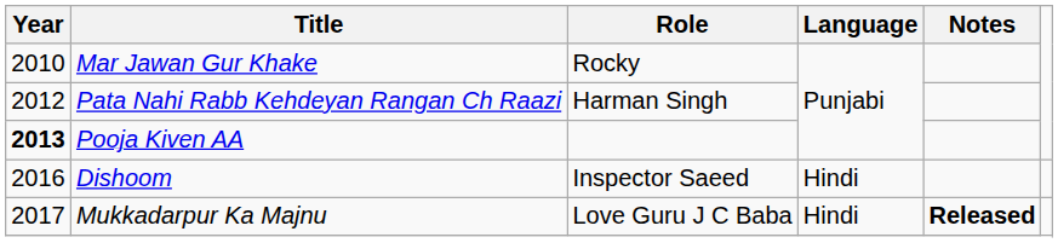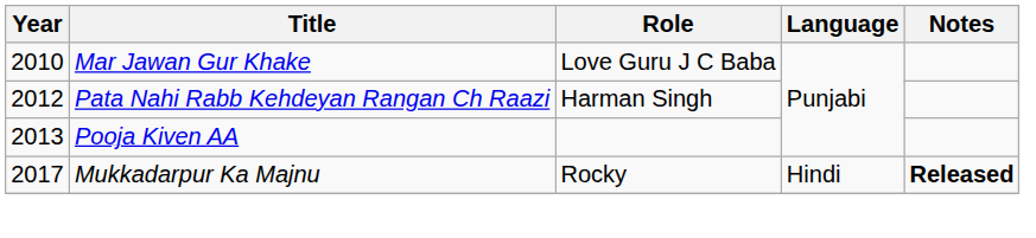 <table class="wikitable sortable">
 <tr>
 <th>Year</th>
 <th>Title</th>
 <th>Role</th>
 <th>Language</th>
 <th>Notes</th>
 </tr>
 <tr>
 <td>2010</td>
 <td><em><a href='#'>Mar Jawan Gur Khake</a></em></td>
-<td>Rocky</td>
+<td>Love Guru J C Baba</td>
 <td rowspan="3">Punjabi</td>
 <td></td>
 </tr>
 <tr>
 <td>2012</td>
 <td><em><a href='#'>Pata Nahi Rabb Kehdeyan Rangan Ch Raazi</a></em></td>
 <td>Harman Singh</td>
 <td></td>
 </tr>
 <tr>
-<td><strong>2013</strong></td>
+<td>2013</td>
 <td><em><a href='#'>Pooja Kiven AA</a></em></td>
-<td></td>
-<td></td>
-</tr>
-<tr>
-<td>2016</td>
-<td><em><a href='#'>Dishoom</a></em></td>
-<td>Inspector Saeed</td>
-<td>Hindi</td>
 <td></td>
 <td></td>
 </tr>
 <tr>
 <td>2017</td>
 <td><em>Mukkadarpur Ka Majnu</td>
-<td>Love Guru J C Baba</td>
+<td>Rocky</td>
 <td>Hindi</td>
 <td><strong>Released</strong></td>
 </tr>
 <tr>
 </tr>
 </table>
